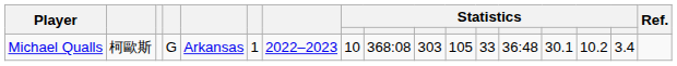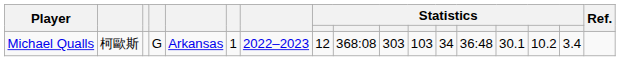 <table class="wikitable sortable" style="font-size:95%; text-align:right;">
 <tr>
 <th rowspan="2">Player</th>
 <th rowspan="2"></th>
 <th rowspan="2"></th>
 <th rowspan="2"></th>
 <th rowspan="2"></th>
 <th rowspan="2"></th>
 <th rowspan="2"></th>
 <th colspan="9">Statistics</th>
 <th rowspan="2">Ref.</th>
 </tr>
 <tr>
 <th></th>
 <th></th>
 <th></th>
 <th></th>
 <th></th>
 <th></th>
 <th></th>
 <th></th>
 <th></th>
 </tr>
 <tr>
 <td align="left"><a href='#'>Michael Qualls</a></td>
 <td align="left">柯歐斯</td>
 <td align="center"></td>
 <td align="center">G</td>
 <td align="left"><a href='#'>Arkansas</a></td>
 <td align="center">1</td>
 <td align="center"><a href='#'>2022–2023</a></td>
-<td>10</td>
+<td>12</td>
 <td>368:08</td>
 <td>303</td>
-<td>105</td>
-<td>33</td>
+<td>103</td>
+<td>34</td>
 <td>36:48</td>
 <td>30.1</td>
 <td>10.2</td>
 <td>3.4</td>
 <td align="center"></td>
 </tr>
 </table>
